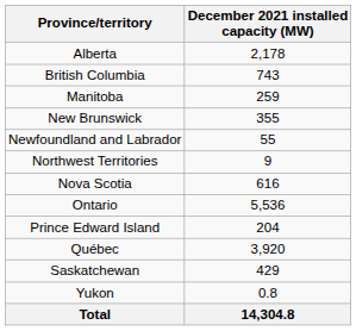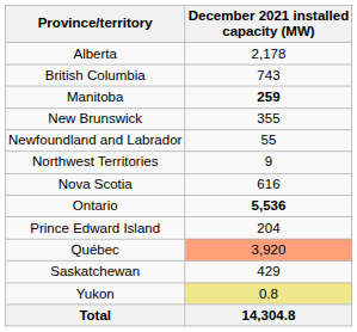 <table class="wikitable sortable" style="text-align:center">
 <tr>
 <th>Province/territory</th>
 <th>December 2021 installed<br>capacity (MW)</th>
 </tr>
 <tr>
 <td>Alberta</td>
 <td>2,178</td>
 </tr>
 <tr>
 <td>British Columbia</td>
 <td>743</td>
 </tr>
 <tr>
 <td>Manitoba</td>
-<td>259</td>
+<td><strong>259</strong></td>
 </tr>
 <tr>
 <td>New Brunswick</td>
 <td>355</td>
 </tr>
 <tr>
 <td>Newfoundland and Labrador</td>
 <td>55</td>
 </tr>
 <tr>
 <td>Northwest Territories</td>
 <td>9</td>
 </tr>
 <tr>
 <td>Nova Scotia</td>
 <td>616</td>
 </tr>
 <tr>
 <td>Ontario</td>
-<td>5,536</td>
+<td><strong>5,536</strong></td>
 </tr>
 <tr>
 <td>Prince Edward Island</td>
 <td>204</td>
 </tr>
 <tr>
 <td>Québec</td>
-<td>3,920</td>
+<td style="background: lightsalmon;">3,920</td>
 </tr>
 <tr>
 <td>Saskatchewan</td>
 <td>429</td>
 </tr>
 <tr>
 <td>Yukon</td>
-<td>0.8</td>
+<td style="background: khaki;">0.8</td>
 </tr>
 <tr class="sortbottom">
 <th>Total</th>
 <th>14,304.8</th>
 </tr>
 </table>
